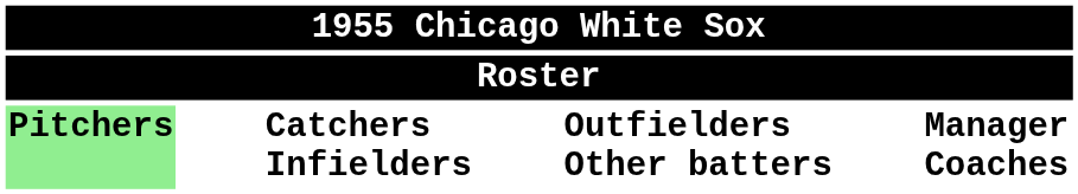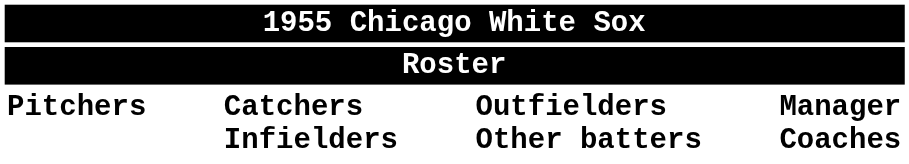 <table class="toccolours" style="font-size: 95%;">
 <tr>
 <th colspan="10" style="background-color: black; color: white; text-align: center;">1955 Chicago White Sox</th>
 </tr>
 <tr>
 <td colspan="10" style="background-color: black; color: white; text-align: center;"><strong>Roster</strong></td>
 </tr>
 <tr>
-<td valign="top" style="background: lightgreen;"><strong>Pitchers</strong><br>              </td>
+<td valign="top"><strong>Pitchers</strong><br>              </td>
 <td width="25px"></td>
 <td valign="top"><strong>Catchers</strong><br>    <strong>Infielders</strong>             </td>
 <td width="25px"></td>
 <td valign="top"><strong>Outfielders</strong><br>          <strong>Other batters</strong>  </td>
 <td width="25px"></td>
 <td valign="top"><strong>Manager</strong><br> <strong>Coaches</strong>    </td>
 </tr>
 </table>
